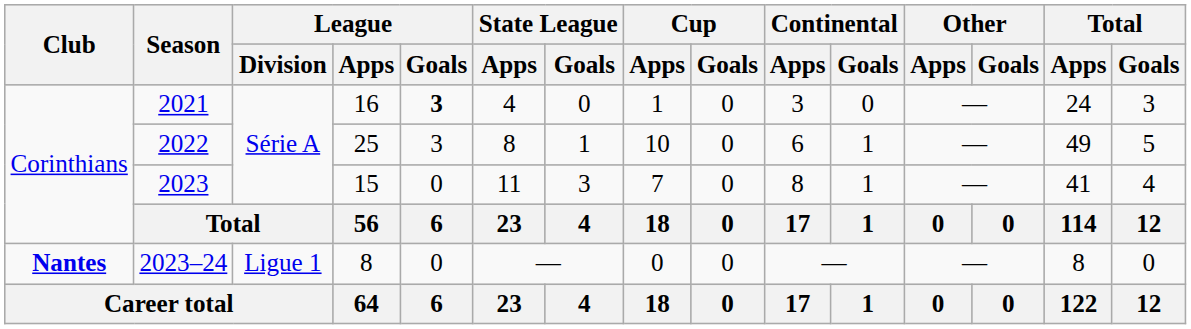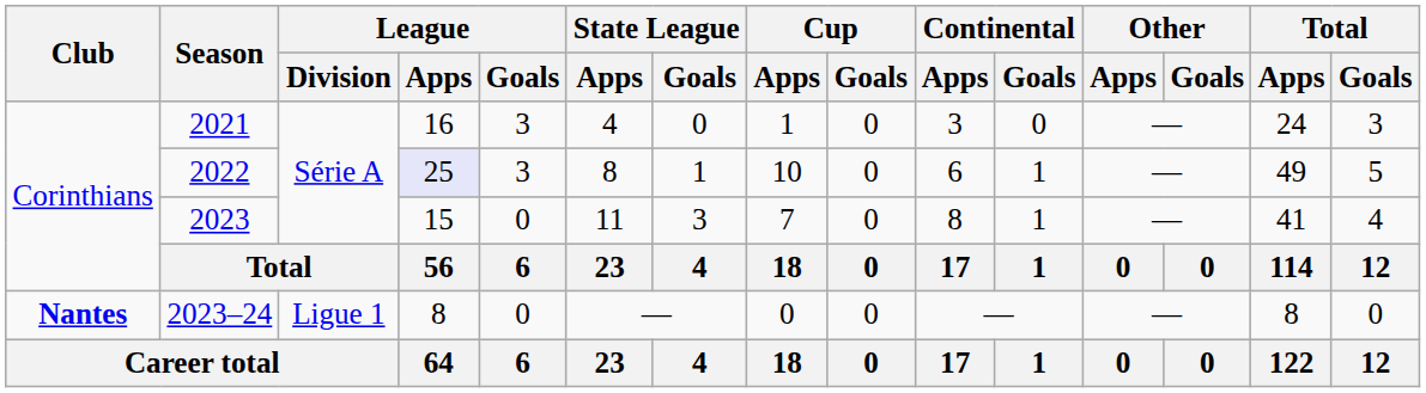 <table class="wikitable" style="text-align:center">
 <tr>
 <th rowspan="2">Club</th>
 <th rowspan="2">Season</th>
 <th colspan="3">League</th>
 <th colspan="2">State League</th>
 <th colspan="2">Cup</th>
 <th colspan="2">Continental</th>
 <th colspan="2">Other</th>
 <th colspan="2">Total</th>
 </tr>
 <tr>
 <th>Division</th>
 <th>Apps</th>
 <th>Goals</th>
 <th>Apps</th>
 <th>Goals</th>
 <th>Apps</th>
 <th>Goals</th>
 <th>Apps</th>
 <th>Goals</th>
 <th>Apps</th>
 <th>Goals</th>
 <th>Apps</th>
 <th>Goals</th>
 </tr>
 <tr>
 <td rowspan="4"><a href='#'>Corinthians</a></td>
 <td><a href='#'>2021</a></td>
 <td rowspan="3"><a href='#'>Série A</a></td>
 <td>16</td>
-<td><strong>3</strong></td>
+<td>3</td>
 <td>4</td>
 <td>0</td>
 <td>1</td>
 <td>0</td>
 <td>3</td>
 <td>0</td>
 <td colspan="2">—</td>
 <td>24</td>
 <td>3</td>
 </tr>
 <tr>
 <td><a href='#'>2022</a></td>
-<td>25</td>
+<td style="background: lavender;">25</td>
 <td>3</td>
 <td>8</td>
 <td>1</td>
 <td>10</td>
 <td>0</td>
 <td>6</td>
 <td>1</td>
 <td colspan="2">—</td>
 <td>49</td>
 <td>5</td>
 </tr>
 <tr>
 <td><a href='#'>2023</a></td>
 <td>15</td>
 <td>0</td>
 <td>11</td>
 <td>3</td>
 <td>7</td>
 <td>0</td>
 <td>8</td>
 <td>1</td>
 <td colspan="2">—</td>
 <td>41</td>
 <td>4</td>
 </tr>
 <tr>
 <th colspan="2">Total</th>
 <th>56</th>
 <th>6</th>
 <th>23</th>
 <th>4</th>
 <th>18</th>
 <th>0</th>
 <th>17</th>
 <th>1</th>
 <th>0</th>
 <th>0</th>
 <th>114</th>
 <th>12</th>
 </tr>
 <tr>
 <td rowspan="1"><strong><a href='#'>Nantes</a></strong></td>
 <td><a href='#'>2023–24</a></td>
 <td rowspan="1"><a href='#'>Ligue 1</a></td>
 <td>8</td>
 <td>0</td>
 <td colspan="2">—</td>
 <td>0</td>
 <td>0</td>
 <td colspan="2">—</td>
 <td colspan="2">—</td>
 <td>8</td>
 <td>0</td>
 </tr>
 <tr>
 <th colspan="3">Career total</th>
 <th>64</th>
 <th>6</th>
 <th>23</th>
 <th>4</th>
 <th>18</th>
 <th>0</th>
 <th>17</th>
 <th>1</th>
 <th>0</th>
 <th>0</th>
 <th>122</th>
 <th>12</th>
 </tr>
 </table>
